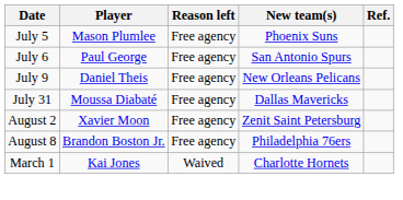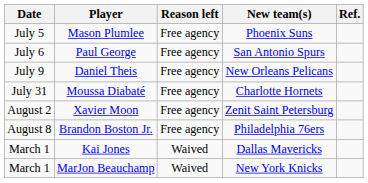 <table class="wikitable sortable sortable" style="text-align: center">
 <tr>
 <th scope="col">Date</th>
 <th scope="col">Player</th>
 <th scope="col">Reason left</th>
 <th scope="col">New team(s)</th>
 <th scope="col">Ref.</th>
 </tr>
 <tr>
 <td>July 5</td>
 <td><a href='#'>Mason Plumlee</a></td>
 <td>Free agency</td>
 <td><a href='#'>Phoenix Suns</a></td>
 <td></td>
 </tr>
 <tr>
 <td>July 6</td>
 <td><a href='#'>Paul George</a></td>
 <td>Free agency</td>
 <td><a href='#'>San Antonio Spurs</a></td>
 <td></td>
 </tr>
 <tr>
 <td>July 9</td>
 <td><a href='#'>Daniel Theis</a></td>
 <td>Free agency</td>
 <td><a href='#'>New Orleans Pelicans</a></td>
 <td></td>
 </tr>
 <tr>
 <td>July 31</td>
 <td><a href='#'>Moussa Diabaté</a></td>
 <td>Free agency</td>
-<td><a href='#'>Dallas Mavericks</a></td>
+<td><a href='#'>Charlotte Hornets</a></td>
 <td></td>
 </tr>
 <tr>
 <td>August 2</td>
 <td><a href='#'>Xavier Moon</a></td>
 <td>Free agency</td>
 <td> <a href='#'>Zenit Saint Petersburg</a></td>
 <td></td>
 </tr>
 <tr>
 <td>August 8</td>
 <td><a href='#'>Brandon Boston Jr.</a></td>
 <td>Free agency</td>
 <td><a href='#'>Philadelphia 76ers</a></td>
 <td></td>
 </tr>
 <tr>
 <td>March 1</td>
 <td><a href='#'>Kai Jones</a></td>
 <td>Waived</td>
-<td><a href='#'>Charlotte Hornets</a></td>
+<td><a href='#'>Dallas Mavericks</a></td>
+<td></td>
+</tr>
+<tr>
+<td>March 1</td>
+<td><a href='#'>MarJon Beauchamp</a></td>
+<td>Waived</td>
+<td><a href='#'>New York Knicks</a></td>
 <td></td>
 </tr>
 </table>
